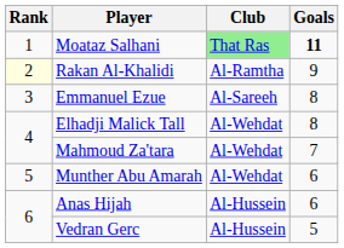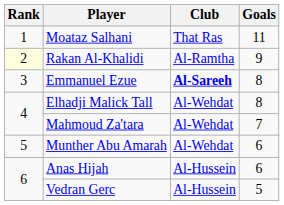 <table class="wikitable" style="text-align:center">
 <tr>
 <th>Rank</th>
 <th>Player</th>
 <th>Club</th>
 <th>Goals</th>
 </tr>
 <tr>
 <td rowspan="1">1</td>
 <td align="left"> <a href='#'>Moataz Salhani</a></td>
-<td align="left" style="background: lightgreen;"><a href='#'>That Ras</a></td>
-<td><strong>11</strong></td>
+<td align="left"><a href='#'>That Ras</a></td>
+<td>11</td>
 </tr>
 <tr>
 <td rowspan="1" style="background: lightyellow;">2</td>
 <td align="left"> <a href='#'>Rakan Al-Khalidi</a></td>
 <td align="left"><a href='#'>Al-Ramtha</a></td>
 <td>9</td>
 </tr>
 <tr>
 <td rowspan="1">3</td>
 <td align="left"> <a href='#'>Emmanuel Ezue</a></td>
-<td align="left"><a href='#'>Al-Sareeh</a></td>
+<td align="left"><strong><a href='#'>Al-Sareeh</a></strong></td>
 <td>8</td>
 </tr>
 <tr>
 <td rowspan="2">4</td>
 <td align="left"> <a href='#'>Elhadji Malick Tall</a></td>
 <td align="left"><a href='#'>Al-Wehdat</a></td>
 <td>8</td>
 </tr>
 <tr>
 <td align="left"> <a href='#'>Mahmoud Za'tara</a></td>
 <td align="left"><a href='#'>Al-Wehdat</a></td>
 <td>7</td>
 </tr>
 <tr>
 <td rowspan="1">5</td>
 <td align="left"> <a href='#'>Munther Abu Amarah</a></td>
 <td align="left"><a href='#'>Al-Wehdat</a></td>
 <td>6</td>
 </tr>
 <tr>
 <td rowspan="2">6</td>
 <td align="left"> <a href='#'>Anas Hijah</a></td>
 <td align="left"><a href='#'>Al-Hussein</a></td>
 <td>6</td>
 </tr>
 <tr>
 <td align="left"> <a href='#'>Vedran Gerc</a></td>
 <td align="left"><a href='#'>Al-Hussein</a></td>
 <td>5</td>
 </tr>
 </table>
